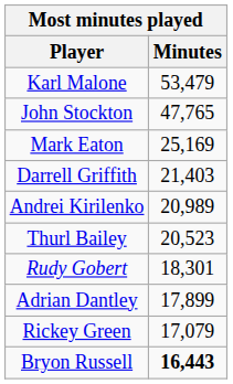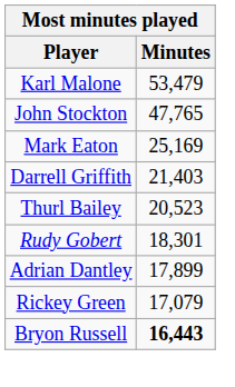 <table class="wikitable sortable" style="text-align:center">
 <tr>
 <th colspan="2" style="text-align:center; ">Most minutes played</th>
 </tr>
 <tr>
 <th style="text-align:center; ">Player</th>
 <th style="text-align:center; ">Minutes</th>
 </tr>
 <tr>
 <td><a href='#'>Karl Malone</a></td>
 <td>53,479</td>
 </tr>
 <tr>
 <td><a href='#'>John Stockton</a></td>
 <td>47,765</td>
 </tr>
 <tr>
 <td><a href='#'>Mark Eaton</a></td>
 <td>25,169</td>
 </tr>
 <tr>
 <td><a href='#'>Darrell Griffith</a></td>
 <td>21,403</td>
 </tr>
 <tr>
-<td><a href='#'>Andrei Kirilenko</a></td>
-<td>20,989</td>
-</tr>
-<tr>
 <td><a href='#'>Thurl Bailey</a></td>
 <td>20,523</td>
 </tr>
 <tr>
 <td><em><a href='#'>Rudy Gobert</a></em></td>
 <td>18,301</td>
 </tr>
 <tr>
 <td><a href='#'>Adrian Dantley</a></td>
 <td>17,899</td>
 </tr>
 <tr>
 <td><a href='#'>Rickey Green</a></td>
 <td>17,079</td>
 </tr>
 <tr>
 <td><a href='#'>Bryon Russell</a></td>
 <td><strong>16,443</strong></td>
 </tr>
 </table>
